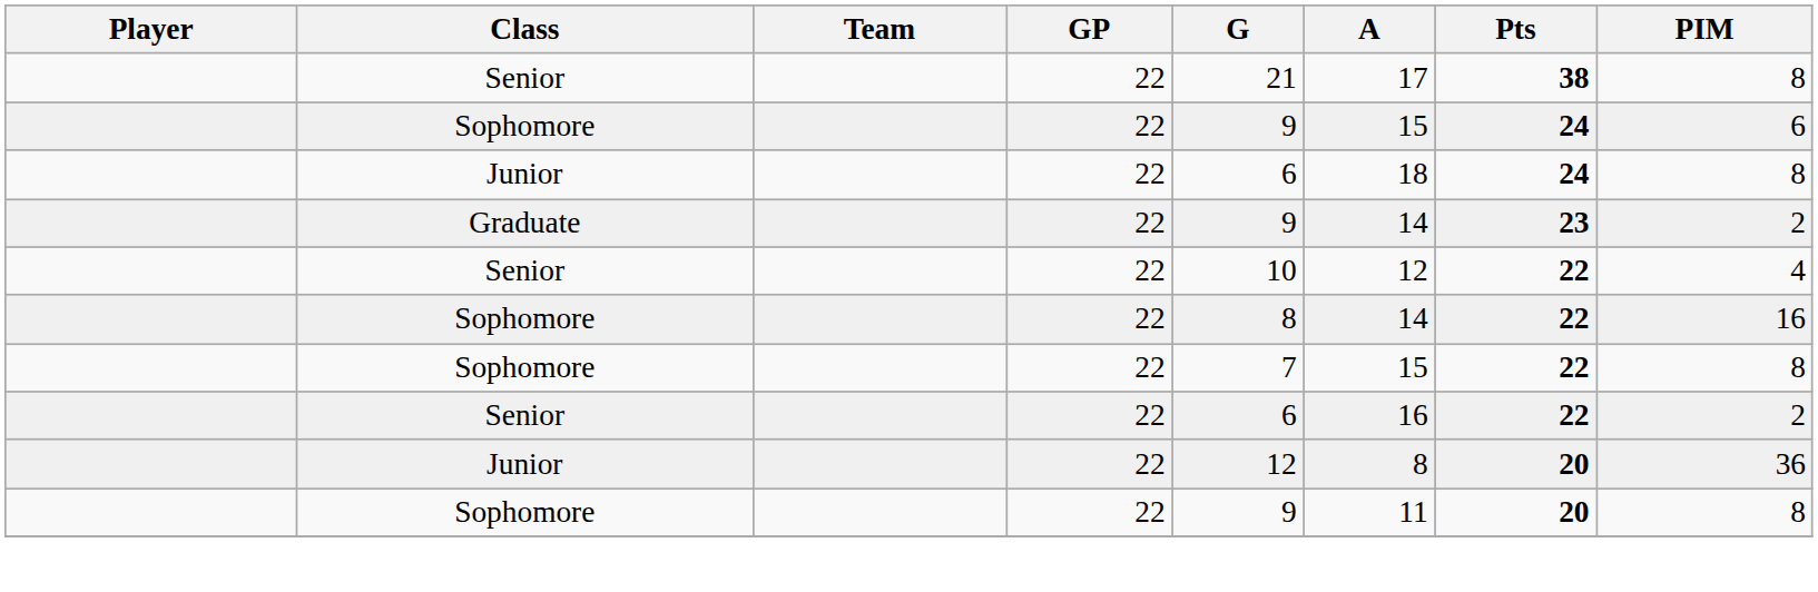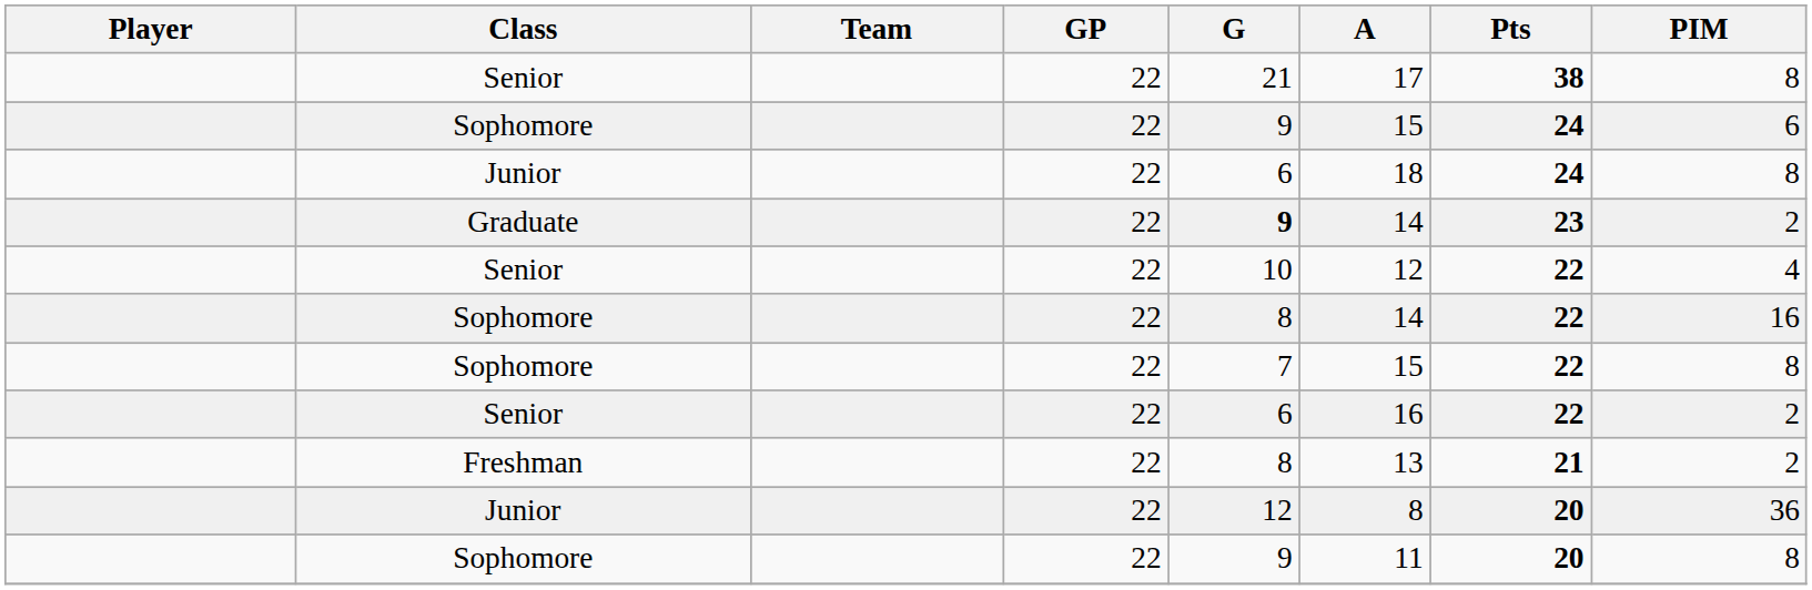 <table class="wikitable sortable" style="text-align: center; "width=60%">
 <tr>
 <th>Player</th>
 <th>Class</th>
 <th>Team</th>
 <th>GP</th>
 <th>G</th>
 <th>A</th>
 <th>Pts</th>
 <th>PIM</th>
 </tr>
 <tr>
 <td align=left></td>
 <td>Senior</td>
 <td><strong><a href='#'></a></strong></td>
 <td align=right>22</td>
 <td align=right>21</td>
 <td align=right>17</td>
 <td align=right><strong>38</strong></td>
 <td align=right>8</td>
 </tr>
 <tr bgcolor=f0f0f0>
 <td align=left></td>
 <td>Sophomore</td>
 <td><strong><a href='#'></a></strong></td>
 <td align=right>22</td>
 <td align=right>9</td>
 <td align=right>15</td>
 <td align=right><strong>24</strong></td>
 <td align=right>6</td>
 </tr>
 <tr>
 <td align=left></td>
 <td>Junior</td>
 <td><strong><a href='#'></a></strong></td>
 <td align=right>22</td>
 <td align=right>6</td>
 <td align=right>18</td>
 <td align=right><strong>24</strong></td>
 <td align=right>8</td>
 </tr>
 <tr bgcolor=f0f0f0>
 <td align=left></td>
 <td>Graduate</td>
 <td><strong><a href='#'></a></strong></td>
 <td align=right>22</td>
-<td align=right>9</td>
+<td align=right><strong>9</strong></td>
 <td align=right>14</td>
 <td align=right><strong>23</strong></td>
 <td align=right>2</td>
 </tr>
 <tr>
 <td align=left></td>
 <td>Senior</td>
 <td><strong><a href='#'></a></strong></td>
 <td align=right>22</td>
 <td align=right>10</td>
 <td align=right>12</td>
 <td align=right><strong>22</strong></td>
 <td align=right>4</td>
 </tr>
 <tr bgcolor=f0f0f0>
 <td align=left></td>
 <td>Sophomore</td>
 <td><strong><a href='#'></a></strong></td>
 <td align=right>22</td>
 <td align=right>8</td>
 <td align=right>14</td>
 <td align=right><strong>22</strong></td>
 <td align=right>16</td>
 </tr>
 <tr>
 <td align=left></td>
 <td>Sophomore</td>
 <td><strong><a href='#'></a></strong></td>
 <td align=right>22</td>
 <td align=right>7</td>
 <td align=right>15</td>
 <td align=right><strong>22</strong></td>
 <td align=right>8</td>
 </tr>
 <tr bgcolor=f0f0f0>
 <td align=left></td>
 <td>Senior</td>
 <td><strong><a href='#'></a></strong></td>
 <td align=right>22</td>
 <td align=right>6</td>
 <td align=right>16</td>
 <td align=right><strong>22</strong></td>
 <td align=right>2</td>
 </tr>
+<tr>
+<td align=left></td>
+<td>Freshman</td>
+<td><strong><a href='#'></a></strong></td>
+<td align=right>22</td>
+<td align=right>8</td>
+<td align=right>13</td>
+<td align=right><strong>21</strong></td>
+<td align=right>2</td>
+</tr>
 <tr bgcolor=f0f0f0>
 <td align=left></td>
 <td>Junior</td>
 <td><strong><a href='#'></a></strong></td>
 <td align=right>22</td>
 <td align=right>12</td>
 <td align=right>8</td>
 <td align=right><strong>20</strong></td>
 <td align=right>36</td>
 </tr>
 <tr>
 <td align=left></td>
 <td>Sophomore</td>
 <td><strong><a href='#'></a></strong></td>
 <td align=right>22</td>
 <td align=right>9</td>
 <td align=right>11</td>
 <td align=right><strong>20</strong></td>
 <td align=right>8</td>
 </tr>
 <tr>
 </tr>
 </table>
